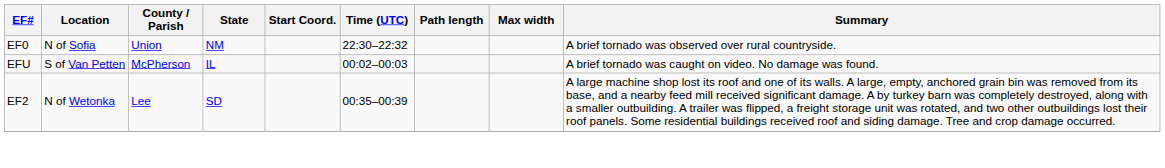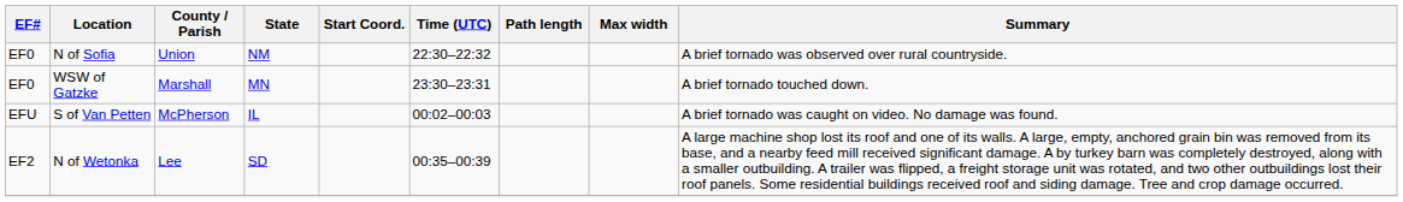 <table class="wikitable sortable" style="width:100%;">
 <tr>
 <th scope="col"  style="width:3%; text-align:center;"><a href='#'>EF#</a></th>
 <th scope="col"  style="width:7%; text-align:center;" class="unsortable">Location</th>
 <th scope="col"  style="width:6%; text-align:center;" class="unsortable">County / Parish</th>
 <th scope="col"  style="width:5%; text-align:center;">State</th>
 <th scope="col"  style="width:6%; text-align:center;">Start Coord.</th>
 <th scope="col"  style="width:6%; text-align:center;">Time (<a href='#'>UTC</a>)</th>
 <th scope="col"  style="width:6%; text-align:center;">Path length</th>
 <th scope="col"  style="width:6%; text-align:center;">Max width</th>
 <th scope="col" class="unsortable" style="width:48%; text-align:center;">Summary</th>
 </tr>
 <tr>
 <td>EF0</td>
 <td>N of <a href='#'>Sofia</a></td>
 <td><a href='#'>Union</a></td>
 <td><a href='#'>NM</a></td>
 <td></td>
 <td>22:30–22:32</td>
 <td></td>
 <td></td>
 <td>A brief tornado was observed over rural countryside.</td>
+</tr>
+<tr>
+<td>EF0</td>
+<td>WSW of <a href='#'>Gatzke</a></td>
+<td><a href='#'>Marshall</a></td>
+<td><a href='#'>MN</a></td>
+<td></td>
+<td>23:30–23:31</td>
+<td></td>
+<td></td>
+<td>A brief tornado touched down.</td>
 </tr>
 <tr>
 <td>EFU</td>
 <td>S of <a href='#'>Van Petten</a></td>
 <td><a href='#'>McPherson</a></td>
 <td><a href='#'>IL</a></td>
 <td></td>
 <td>00:02–00:03</td>
 <td></td>
 <td></td>
 <td>A brief tornado was caught on video. No damage was found.</td>
 </tr>
 <tr>
 <td>EF2</td>
 <td>N of <a href='#'>Wetonka</a></td>
 <td><a href='#'>Lee</a></td>
 <td><a href='#'>SD</a></td>
 <td></td>
 <td>00:35–00:39</td>
 <td></td>
 <td></td>
 <td>A large machine shop lost its roof and one of its walls. A large, empty, anchored grain bin was removed from its base, and a nearby feed mill received significant damage. A  by  turkey barn was completely destroyed, along with a smaller outbuilding. A trailer was flipped, a freight storage unit was rotated, and two other outbuildings lost their roof panels. Some residential buildings received roof and siding damage. Tree and crop damage occurred.</td>
 </tr>
 <tr>
 </tr>
 </table>
